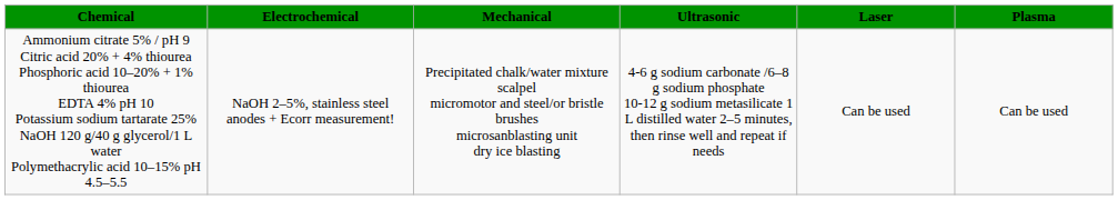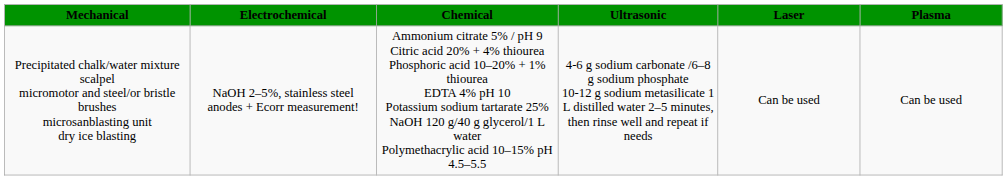 <table width = "100%" border = 1 border="1" cellpadding="4" cellspacing="0" style="margin: 0.5em 1em 0.5em 0; background: #f9f9f9; border: 1px #aaa solid; border-collapse: collapse;">
 <tr>
+<th width = "5%" bgcolor = "#009300">Mechanical</th>
+<th width = "5%" bgcolor = "#009300">Electrochemical</th>
 <th width = "5%" bgcolor = "#009300">Chemical</th>
-<th width = "5%" bgcolor = "#009300">Electrochemical</th>
-<th width = "5%" bgcolor = "#009300">Mechanical</th>
 <th width = "5%" bgcolor = "#009300">Ultrasonic</th>
 <th width = "5%" bgcolor = "#009300">Laser</th>
 <th width = "5%" bgcolor = "#009300">Plasma</th>
 </tr>
 <tr>
+<td align="center">Precipitated chalk/water mixture<br>scalpel<br>micromotor and steel/or bristle brushes<br>microsanblasting unit<br>dry ice  blasting</td>
+<td align="center">NaOH 2–5%, stainless steel anodes + Ecorr measurement!</td>
 <td align="center">Ammonium citrate 5% / pH 9<br>Citric acid 20% + 4% thiourea<br>Phosphoric acid 10–20% + 1% thiourea<br>EDTA 4% pH 10<br>Potassium sodium tartarate 25%<br>NaOH 120 g/40 g glycerol/1 L water<br>Polymethacrylic acid 10–15% pH 4.5–5.5</td>
-<td align="center">NaOH 2–5%, stainless steel anodes + Ecorr measurement!</td>
-<td align="center">Precipitated chalk/water mixture<br>scalpel<br>micromotor and steel/or bristle brushes<br>microsanblasting unit<br>dry ice  blasting</td>
 <td align="center">4-6 g sodium carbonate /6–8 g sodium phosphate<br>10-12 g sodium metasilicate  1 L distilled water  2–5 minutes, then rinse well and repeat if needs</td>
 <td align="center">Can be used<br></td>
 <td align="center">Can be used</td>
 </tr>
 </table>
